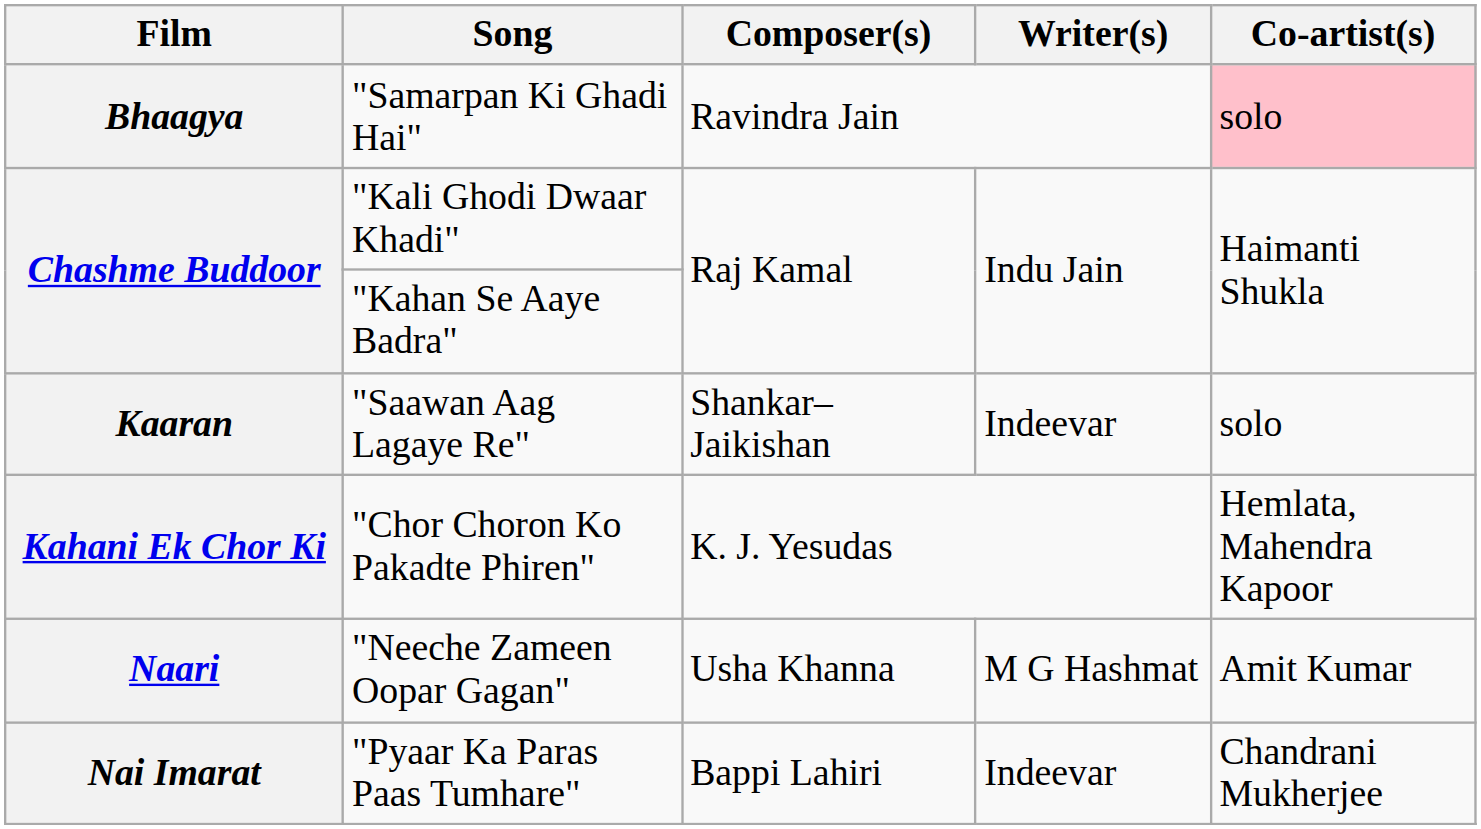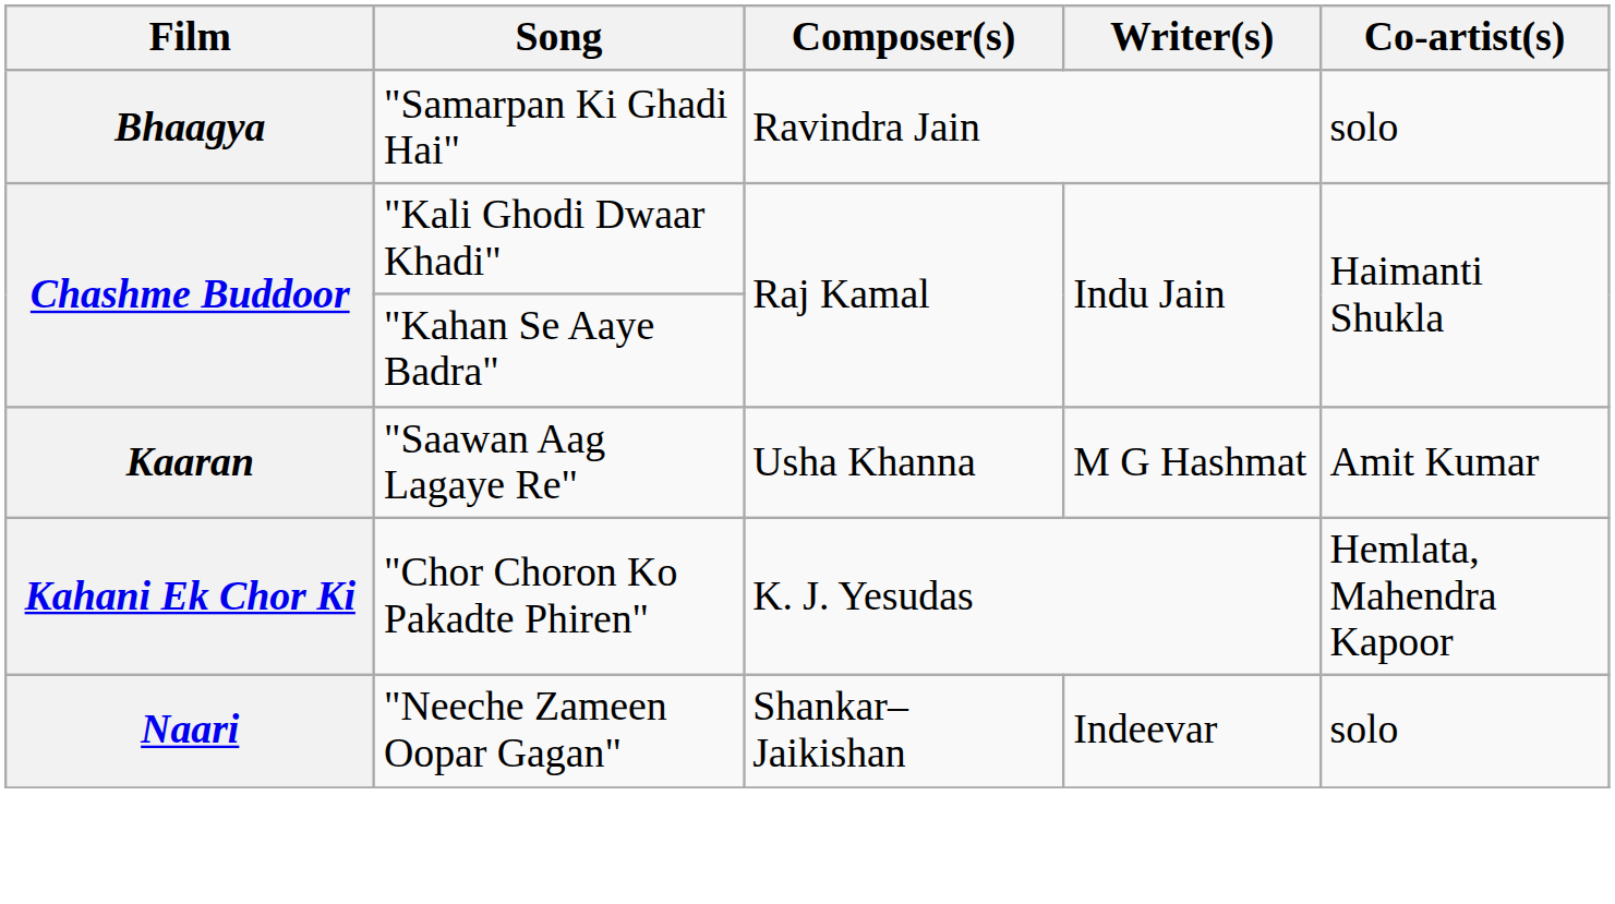 <table class="wikitable plainrowheaders" style="width:100%;" textcolor:#000;">
 <tr style="background:#b0e0e66;">
 <th scope="col" style="width:23%;"><strong>Film</strong></th>
 <th scope="col" style="width:23%;"><strong>Song</strong></th>
 <th scope="col" style="width:20%;"><strong>Composer(s)</strong></th>
 <th scope="col" style="width:16%;"><strong>Writer(s)</strong></th>
 <th scope="col" style="width:18%;"><strong>Co-artist(s)</strong></th>
 </tr>
 <tr>
 <th><em>Bhaagya</em></th>
 <td>"Samarpan Ki Ghadi Hai"</td>
 <td colspan=2>Ravindra Jain</td>
-<td style="background: pink;">solo</td>
+<td>solo</td>
 </tr>
 <tr>
 <th rowspan=2><em><a href='#'>Chashme Buddoor</a></em></th>
 <td>"Kali Ghodi Dwaar Khadi"</td>
 <td rowspan=2>Raj Kamal</td>
 <td Rowspan=2>Indu Jain</td>
 <td rowspan=2>Haimanti Shukla</td>
 </tr>
 <tr>
 <td>"Kahan Se Aaye Badra"</td>
 </tr>
 <tr>
 <th><em>Kaaran</em></th>
 <td>"Saawan Aag Lagaye Re"</td>
-<td>Shankar–Jaikishan</td>
-<td>Indeevar</td>
-<td>solo</td>
+<td>Usha Khanna</td>
+<td>M G Hashmat</td>
+<td>Amit Kumar</td>
 </tr>
 <tr>
 <th><em><a href='#'>Kahani Ek Chor Ki</a></em></th>
 <td>"Chor Choron Ko Pakadte Phiren"</td>
 <td colspan=2>K. J. Yesudas</td>
 <td>Hemlata, Mahendra Kapoor</td>
 </tr>
 <tr>
 <th><em><a href='#'>Naari</a></em></th>
 <td>"Neeche Zameen Oopar Gagan"</td>
-<td>Usha Khanna</td>
-<td>M G Hashmat</td>
-<td>Amit Kumar</td>
-</tr>
-<tr>
-<th><em>Nai Imarat</em></th>
-<td>"Pyaar Ka Paras Paas Tumhare"</td>
-<td>Bappi Lahiri</td>
+<td>Shankar–Jaikishan</td>
 <td>Indeevar</td>
-<td>Chandrani Mukherjee</td>
+<td>solo</td>
 </tr>
 <tr>
 </tr>
 </table>
